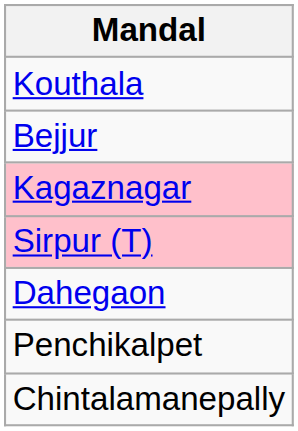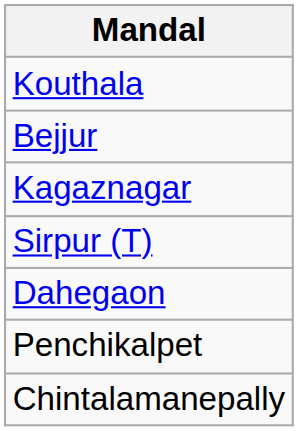 <table class="wikitable sortable static-row-numbers static-row-header-hash">
 <tr>
 <th>Mandal</th>
 </tr>
 <tr>
 <td><a href='#'>Kouthala</a></td>
 </tr>
 <tr>
 <td><a href='#'>Bejjur</a></td>
 </tr>
 <tr>
-<td style="background: pink;"><a href='#'>Kagaznagar</a></td>
+<td><a href='#'>Kagaznagar</a></td>
 </tr>
 <tr>
-<td style="background: pink;"><a href='#'>Sirpur (T)</a></td>
+<td><a href='#'>Sirpur (T)</a></td>
 </tr>
 <tr>
 <td><a href='#'>Dahegaon</a></td>
 </tr>
 <tr>
 <td>Penchikalpet</td>
 </tr>
 <tr>
 <td>Chintalamanepally</td>
 </tr>
 </table>
